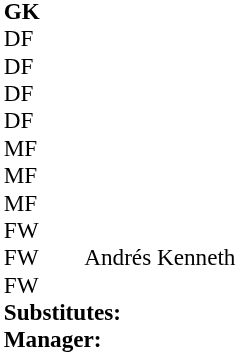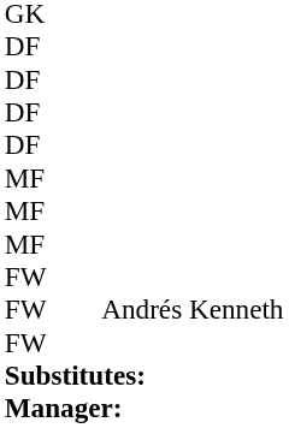 <table style="font-size:90%; margin:0.2em auto;" cellspacing="0" cellpadding="0">
 <tr>
 <th width="25"></th>
 <th width="25"></th>
 </tr>
 <tr>
-<td><strong>GK</strong></td>
+<td>GK</td>
 <td></td>
 <td></td>
 </tr>
 <tr>
 <td>DF</td>
 <td></td>
 <td></td>
 </tr>
 <tr>
 <td>DF</td>
 <td></td>
 <td></td>
 </tr>
 <tr>
 <td>DF</td>
 <td></td>
 <td></td>
 </tr>
 <tr>
 <td>DF</td>
 <td></td>
 <td></td>
 </tr>
 <tr>
 <td>MF</td>
 <td></td>
 <td></td>
 </tr>
 <tr>
 <td>MF</td>
 <td></td>
 <td></td>
 </tr>
 <tr>
 <td>MF</td>
 <td></td>
 <td></td>
 </tr>
 <tr>
 <td>FW</td>
 <td></td>
 <td></td>
 </tr>
 <tr>
 <td>FW</td>
 <td></td>
 <td> Andrés Kenneth</td>
 </tr>
 <tr>
 <td>FW</td>
 <td></td>
 <td></td>
 </tr>
 <tr>
 <td colspan=3><strong>Substitutes:</strong></td>
 </tr>
 <tr>
 <td></td>
 <td></td>
 <td></td>
 </tr>
 <tr>
 <td colspan=3><strong>Manager:</strong></td>
 </tr>
 <tr>
 <td colspan=5></td>
 </tr>
 </table>
